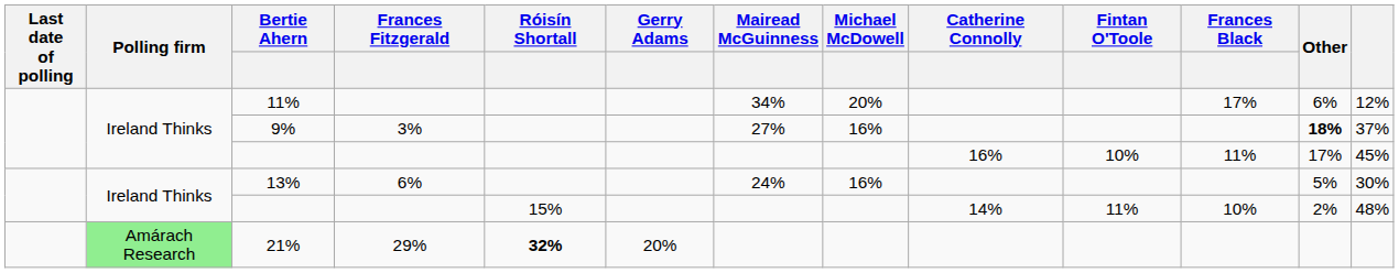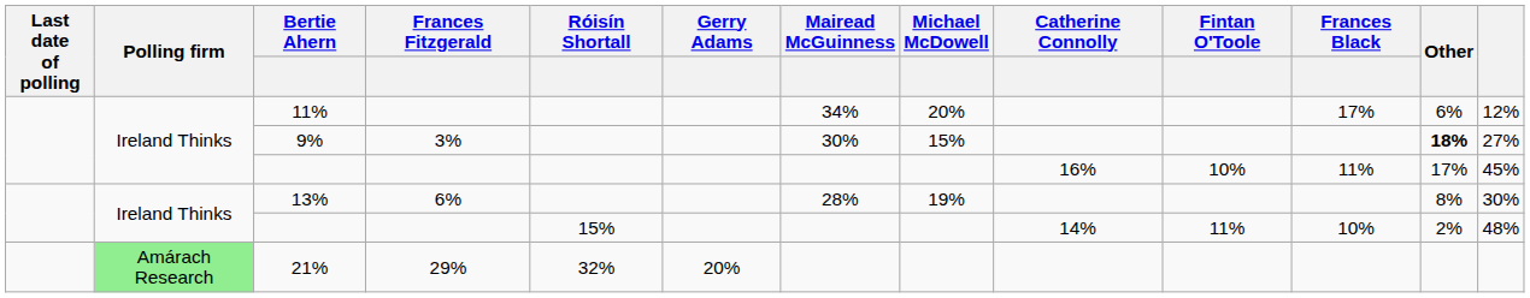 <table class="wikitable" style="text-align:center;font-size:95%;">
 <tr style="height:42px; background-color:#E9E9E9">
 <th rowspan="2">Last date<br>of polling</th>
 <th rowspan="2">Polling firm</th>
 <th><a href='#'>Bertie Ahern</a></th>
 <th><a href='#'>Frances Fitzgerald</a></th>
 <th><a href='#'>Róisín Shortall</a></th>
 <th><a href='#'>Gerry Adams</a></th>
 <th style="width:60px;"><a href='#'>Mairead McGuinness</a></th>
 <th style="width:60px;"><a href='#'>Michael McDowell</a></th>
 <th><a href='#'>Catherine Connolly</a></th>
 <th><a href='#'>Fintan O'Toole</a></th>
 <th><a href='#'>Frances Black</a></th>
 <th rowspan="2">Other</th>
 <th rowspan="2"></th>
 </tr>
 <tr>
 <th style="color:inherit;background:"></th>
 <th style="color:inherit;background:"></th>
 <th style="color:inherit;background:"></th>
 <th style="color:inherit;background:"></th>
 <th style="color:inherit;background:"></th>
 <th style="color:inherit;background:"></th>
 <th style="color:inherit;background:"></th>
 <th style="color:inherit;background:"></th>
 <th style="color:inherit;background:"></th>
 </tr>
 <tr>
 <td rowspan="3"></td>
 <td rowspan="3">Ireland Thinks</td>
 <td>11%</td>
 <td></td>
 <td></td>
 <td></td>
 <td>34%</td>
 <td>20%</td>
 <td></td>
 <td></td>
 <td>17%</td>
 <td>6%</td>
 <td>12%</td>
 </tr>
 <tr>
 <td>9%</td>
 <td>3%</td>
 <td></td>
 <td></td>
-<td>27%</td>
-<td>16%</td>
+<td>30%</td>
+<td>15%</td>
 <td></td>
 <td></td>
 <td></td>
 <td><strong>18%</strong></td>
-<td>37%</td>
+<td>27%</td>
 </tr>
 <tr>
 <td></td>
 <td></td>
 <td></td>
 <td></td>
 <td></td>
 <td></td>
 <td>16%</td>
 <td>10%</td>
 <td>11%</td>
 <td>17%</td>
 <td>45%</td>
 </tr>
 <tr>
 <td rowspan="2"></td>
 <td rowspan="2">Ireland Thinks</td>
 <td>13%</td>
 <td>6%</td>
 <td></td>
 <td></td>
-<td>24%</td>
-<td>16%</td>
+<td>28%</td>
+<td>19%</td>
 <td></td>
 <td></td>
 <td></td>
-<td>5%</td>
+<td>8%</td>
 <td>30%</td>
 </tr>
 <tr>
 <td></td>
 <td></td>
 <td>15%</td>
 <td></td>
 <td></td>
 <td></td>
 <td>14%</td>
 <td>11%</td>
 <td>10%</td>
 <td>2%</td>
 <td>48%</td>
 </tr>
 <tr>
 <td></td>
 <td style="background: lightgreen;">Amárach Research</td>
 <td>21%</td>
 <td>29%</td>
-<td><strong>32%</strong></td>
+<td>32%</td>
 <td>20%</td>
 <td></td>
 <td></td>
 <td></td>
 <td></td>
 <td></td>
 <td></td>
 <td></td>
 </tr>
 </table>
